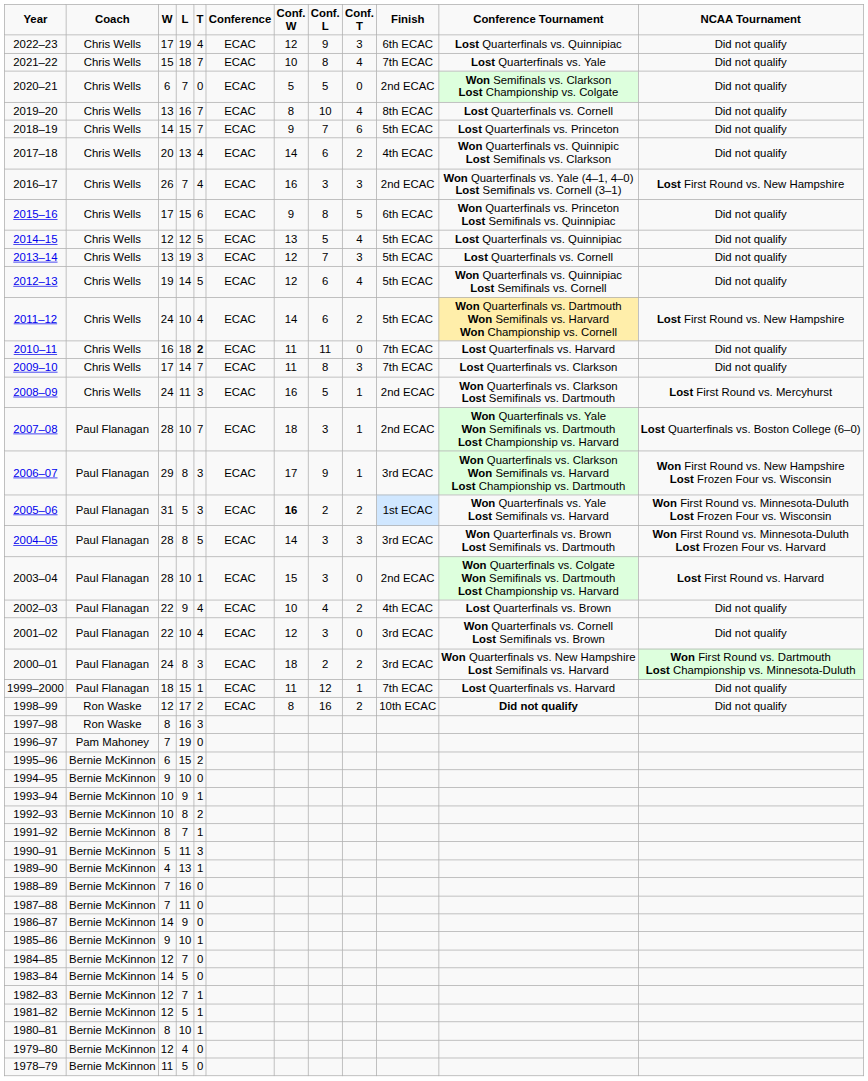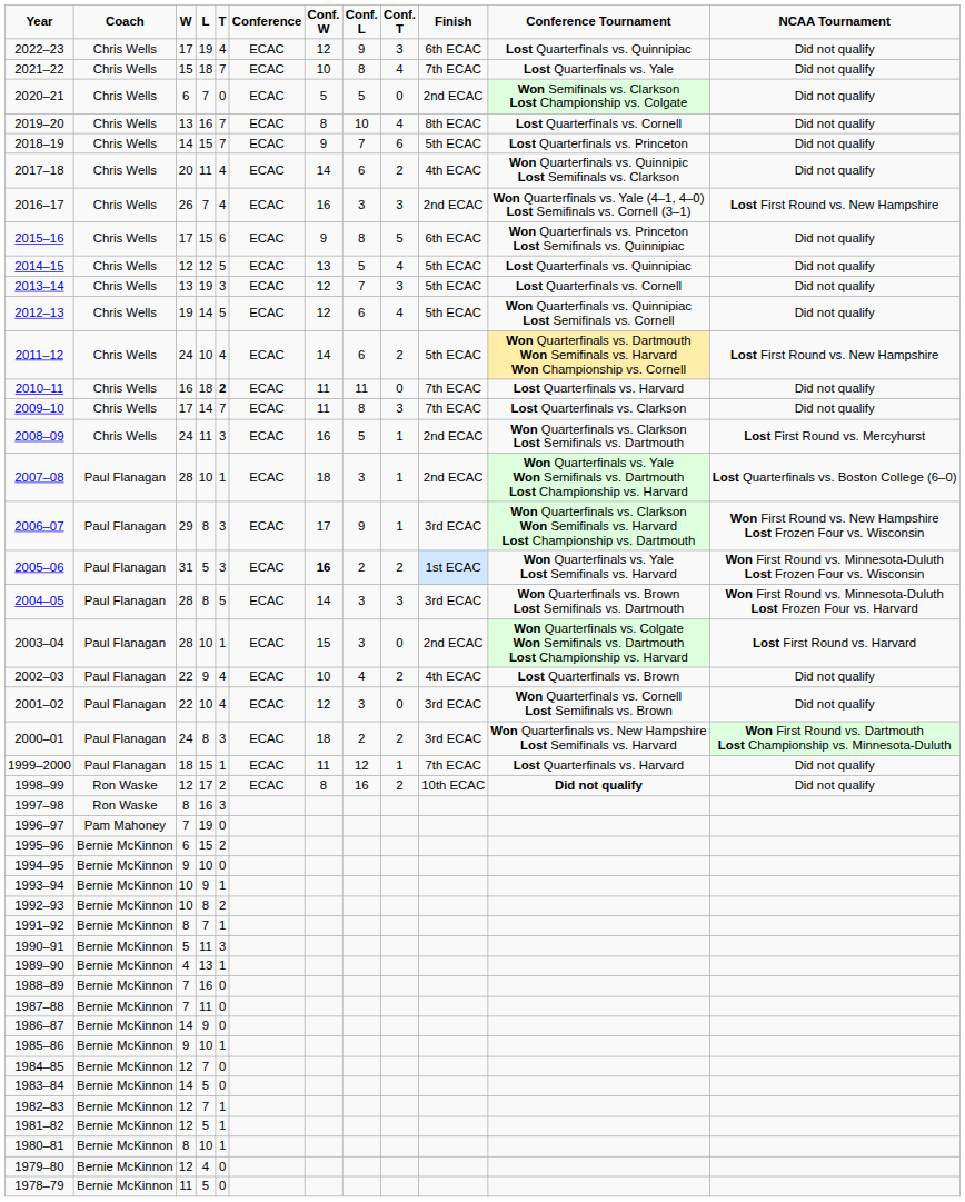 <table class="wikitable">
 <tr align="center">
 <td><strong>Year</strong></td>
 <td><strong>Coach</strong></td>
 <td><strong>W</strong></td>
 <td><strong>L</strong></td>
 <td><strong>T</strong></td>
 <td><strong>Conference</strong></td>
 <td><strong>Conf. <br> W </strong></td>
 <td><strong>Conf. <br> L</strong></td>
 <td><strong>Conf. <br> T</strong></td>
 <td><strong>Finish</strong></td>
 <td><strong>Conference Tournament</strong></td>
 <td><strong>NCAA Tournament</strong></td>
 </tr>
 <tr style="text-align:center;" bgcolor="">
 <td>2022–23</td>
 <td>Chris Wells</td>
 <td>17</td>
 <td>19</td>
 <td>4</td>
 <td>ECAC</td>
 <td>12</td>
 <td>9</td>
 <td>3</td>
 <td>6th ECAC</td>
 <td><strong>Lost</strong> Quarterfinals vs. Quinnipiac </td>
 <td>Did not qualify</td>
 </tr>
 <tr style="text-align:center;" bgcolor="">
 <td>2021–22</td>
 <td>Chris Wells</td>
 <td>15</td>
 <td>18</td>
 <td>7</td>
 <td>ECAC</td>
 <td>10</td>
 <td>8</td>
 <td>4</td>
 <td>7th ECAC</td>
 <td><strong>Lost</strong> Quarterfinals vs. Yale </td>
 <td>Did not qualify</td>
 </tr>
 <tr style="text-align:center;" bgcolor="">
 <td>2020–21</td>
 <td>Chris Wells</td>
 <td>6</td>
 <td>7</td>
 <td>0</td>
 <td>ECAC</td>
 <td>5</td>
 <td>5</td>
 <td>0</td>
 <td>2nd ECAC</td>
 <td style="background:#dfd;"><strong>Won</strong> Semifinals vs. Clarkson <br><strong>Lost</strong> Championship vs. Colgate </td>
 <td>Did not qualify</td>
 </tr>
 <tr style="text-align:center;" bgcolor="">
 <td>2019–20</td>
 <td>Chris Wells</td>
 <td>13</td>
 <td>16</td>
 <td>7</td>
 <td>ECAC</td>
 <td>8</td>
 <td>10</td>
 <td>4</td>
 <td>8th ECAC</td>
 <td><strong>Lost</strong> Quarterfinals vs. Cornell </td>
 <td>Did not qualify</td>
 </tr>
 <tr style="text-align:center;" bgcolor="">
 <td>2018–19</td>
 <td>Chris Wells</td>
 <td>14</td>
 <td>15</td>
 <td>7</td>
 <td>ECAC</td>
 <td>9</td>
 <td>7</td>
 <td>6</td>
 <td>5th ECAC</td>
 <td><strong>Lost</strong> Quarterfinals vs. Princeton </td>
 <td>Did not qualify</td>
 </tr>
 <tr style="text-align:center;" bgcolor="">
 <td>2017–18</td>
 <td>Chris Wells</td>
 <td>20</td>
-<td>13</td>
+<td>11</td>
 <td>4</td>
 <td>ECAC</td>
 <td>14</td>
 <td>6</td>
 <td>2</td>
 <td>4th ECAC</td>
 <td><strong>Won</strong> Quarterfinals vs. Quinnipic  <br> <strong>Lost</strong> Semifinals vs. Clarkson </td>
 <td>Did not qualify</td>
 </tr>
 <tr style="text-align:center;" bgcolor="">
 <td>2016–17</td>
 <td>Chris Wells</td>
 <td>26</td>
 <td>7</td>
 <td>4</td>
 <td>ECAC</td>
 <td>16</td>
 <td>3</td>
 <td>3</td>
 <td>2nd ECAC</td>
 <td><strong>Won</strong> Quarterfinals vs. Yale (4–1, 4–0) <br> <strong>Lost</strong> Semifinals vs. Cornell (3–1)</td>
 <td><strong>Lost</strong> First Round vs. New Hampshire </td>
 </tr>
 <tr style="text-align:center;" bgcolor="">
 <td><a href='#'>2015–16</a></td>
 <td>Chris Wells</td>
 <td>17</td>
 <td>15</td>
 <td>6</td>
 <td>ECAC</td>
 <td>9</td>
 <td>8</td>
 <td>5</td>
 <td>6th ECAC</td>
 <td><strong>Won</strong> Quarterfinals vs. Princeton  <br> <strong>Lost</strong> Semifinals vs. Quinnipiac </td>
 <td>Did not qualify</td>
 </tr>
 <tr style="text-align:center;" bgcolor="">
 <td><a href='#'>2014–15</a></td>
 <td>Chris Wells</td>
 <td>12</td>
 <td>12</td>
 <td>5</td>
 <td>ECAC</td>
 <td>13</td>
 <td>5</td>
 <td>4</td>
 <td>5th ECAC</td>
 <td><strong>Lost</strong> Quarterfinals vs. Quinnipiac </td>
 <td>Did not qualify</td>
 </tr>
 <tr style="text-align:center;" bgcolor="">
 <td><a href='#'>2013–14</a></td>
 <td>Chris Wells</td>
 <td>13</td>
 <td>19</td>
 <td>3</td>
 <td>ECAC</td>
 <td>12</td>
 <td>7</td>
 <td>3</td>
 <td>5th ECAC</td>
 <td><strong>Lost</strong> Quarterfinals vs. Cornell </td>
 <td>Did not qualify</td>
 </tr>
 <tr style="text-align:center;" bgcolor="">
 <td><a href='#'>2012–13</a></td>
 <td>Chris Wells</td>
 <td>19</td>
 <td>14</td>
 <td>5</td>
 <td>ECAC</td>
 <td>12</td>
 <td>6</td>
 <td>4</td>
 <td>5th ECAC</td>
 <td><strong>Won</strong> Quarterfinals vs. Quinnipiac  <br> <strong>Lost</strong> Semifinals vs. Cornell </td>
 <td>Did not qualify</td>
 </tr>
 <tr style="text-align:center;" bgcolor="">
 <td><a href='#'>2011–12</a></td>
 <td>Chris Wells</td>
 <td>24</td>
 <td>10</td>
 <td>4</td>
 <td>ECAC</td>
 <td>14</td>
 <td>6</td>
 <td>2</td>
 <td>5th ECAC</td>
 <td style="background:#fea;"><strong>Won</strong> Quarterfinals vs. Dartmouth  <br> <strong>Won</strong> Semifinals vs. Harvard  <br> <strong>Won</strong> Championship vs. Cornell </td>
 <td><strong>Lost</strong> First Round vs. New Hampshire </td>
 </tr>
 <tr style="text-align:center;" bgcolor="">
 <td><a href='#'>2010–11</a></td>
 <td>Chris Wells</td>
 <td>16</td>
 <td>18</td>
 <td><strong>2</strong></td>
 <td>ECAC</td>
 <td>11</td>
 <td>11</td>
 <td>0</td>
 <td>7th ECAC</td>
 <td><strong>Lost</strong> Quarterfinals vs. Harvard </td>
 <td>Did not qualify</td>
 </tr>
 <tr style="text-align:center;" bgcolor="">
 <td><a href='#'>2009–10</a></td>
 <td>Chris Wells</td>
 <td>17</td>
 <td>14</td>
 <td>7</td>
 <td>ECAC</td>
 <td>11</td>
 <td>8</td>
 <td>3</td>
 <td>7th ECAC</td>
 <td><strong>Lost</strong> Quarterfinals vs. Clarkson </td>
 <td>Did not qualify</td>
 </tr>
 <tr style="text-align:center;" bgcolor="">
 <td><a href='#'>2008–09</a></td>
 <td>Chris Wells</td>
 <td>24</td>
 <td>11</td>
 <td>3</td>
 <td>ECAC</td>
 <td>16</td>
 <td>5</td>
 <td>1</td>
 <td>2nd ECAC</td>
 <td><strong>Won</strong> Quarterfinals vs. Clarkson  <br> <strong>Lost</strong> Semifinals vs. Dartmouth </td>
 <td><strong>Lost</strong> First Round vs. Mercyhurst </td>
 </tr>
 <tr style="text-align:center;" bgcolor="">
 <td><a href='#'>2007–08</a></td>
 <td>Paul Flanagan</td>
 <td>28</td>
 <td>10</td>
-<td>7</td>
+<td>1</td>
 <td>ECAC</td>
 <td>18</td>
 <td>3</td>
 <td>1</td>
 <td>2nd ECAC</td>
 <td style="background:#dfd;"><strong>Won</strong> Quarterfinals vs. Yale  <br> <strong>Won</strong> Semifinals vs. Dartmouth  <br> <strong>Lost</strong> Championship vs. Harvard </td>
 <td><strong>Lost</strong> Quarterfinals vs. Boston College (6–0)</td>
 </tr>
 <tr style="text-align:center;" bgcolor="">
 <td><a href='#'>2006–07</a></td>
 <td>Paul Flanagan</td>
 <td>29</td>
 <td>8</td>
 <td>3</td>
 <td>ECAC</td>
 <td>17</td>
 <td>9</td>
 <td>1</td>
 <td>3rd ECAC</td>
 <td style="background:#dfd;"><strong>Won</strong> Quarterfinals vs. Clarkson  <br> <strong>Won</strong> Semifinals vs. Harvard  <br> <strong>Lost</strong> Championship vs. Dartmouth </td>
 <td><strong>Won</strong> First Round vs. New Hampshire  <br> <strong>Lost</strong> Frozen Four vs. Wisconsin </td>
 </tr>
 <tr style="text-align:center;" bgcolor="">
 <td><a href='#'>2005–06</a></td>
 <td>Paul Flanagan</td>
 <td>31</td>
 <td>5</td>
 <td>3</td>
 <td>ECAC</td>
 <td><strong>16</strong></td>
 <td>2</td>
 <td>2</td>
 <td style="background: #d0e7ff;">1st ECAC</td>
 <td><strong>Won</strong> Quarterfinals vs. Yale  <br> <strong>Lost</strong> Semifinals vs. Harvard </td>
 <td><strong>Won</strong> First Round vs. Minnesota-Duluth  <br> <strong>Lost</strong> Frozen Four vs. Wisconsin </td>
 </tr>
 <tr style="text-align:center;" bgcolor="">
 <td><a href='#'>2004–05</a></td>
 <td>Paul Flanagan</td>
 <td>28</td>
 <td>8</td>
 <td>5</td>
 <td>ECAC</td>
 <td>14</td>
 <td>3</td>
 <td>3</td>
 <td>3rd ECAC</td>
 <td><strong>Won</strong> Quarterfinals vs. Brown  <br> <strong>Lost</strong> Semifinals vs. Dartmouth </td>
 <td><strong>Won</strong> First Round vs. Minnesota-Duluth  <br> <strong>Lost</strong> Frozen Four vs. Harvard </td>
 </tr>
 <tr style="text-align:center;" bgcolor="">
 <td>2003–04</td>
 <td>Paul Flanagan</td>
 <td>28</td>
 <td>10</td>
 <td>1</td>
 <td>ECAC</td>
 <td>15</td>
 <td>3</td>
 <td>0</td>
 <td>2nd ECAC</td>
 <td style="background:#dfd;"><strong>Won</strong> Quarterfinals vs. Colgate  <br> <strong>Won</strong> Semifinals vs. Dartmouth  <br> <strong>Lost</strong> Championship vs. Harvard </td>
 <td><strong>Lost</strong> First Round vs. Harvard </td>
 </tr>
 <tr style="text-align:center;" bgcolor="">
 <td>2002–03</td>
 <td>Paul Flanagan</td>
 <td>22</td>
 <td>9</td>
 <td>4</td>
 <td>ECAC</td>
 <td>10</td>
 <td>4</td>
 <td>2</td>
 <td>4th ECAC</td>
 <td><strong>Lost</strong> Quarterfinals vs. Brown </td>
 <td>Did not qualify</td>
 </tr>
 <tr style="text-align:center;" bgcolor="">
 <td>2001–02</td>
 <td>Paul Flanagan</td>
 <td>22</td>
 <td>10</td>
 <td>4</td>
 <td>ECAC</td>
 <td>12</td>
 <td>3</td>
 <td>0</td>
 <td>3rd ECAC</td>
 <td><strong>Won</strong> Quarterfinals vs. Cornell  <br> <strong>Lost</strong> Semifinals vs. Brown </td>
 <td>Did not qualify</td>
 </tr>
 <tr style="text-align:center;" bgcolor="">
 <td>2000–01</td>
 <td>Paul Flanagan</td>
 <td>24</td>
 <td>8</td>
 <td>3</td>
 <td>ECAC</td>
 <td>18</td>
 <td>2</td>
 <td>2</td>
 <td>3rd ECAC</td>
 <td><strong>Won</strong> Quarterfinals vs. New Hampshire  <br> <strong>Lost</strong> Semifinals vs. Harvard </td>
 <td style="background:#dfd;"><strong>Won</strong> First Round vs. Dartmouth  <br> <strong>Lost</strong> Championship vs. Minnesota-Duluth </td>
 </tr>
 <tr style="text-align:center;" bgcolor="">
 <td>1999–2000</td>
 <td>Paul Flanagan</td>
 <td>18</td>
 <td>15</td>
 <td>1</td>
 <td>ECAC</td>
 <td>11</td>
 <td>12</td>
 <td>1</td>
 <td>7th ECAC</td>
 <td><strong>Lost</strong> Quarterfinals vs. Harvard </td>
 <td>Did not qualify</td>
 </tr>
 <tr style="text-align:center;" bgcolor="">
 <td>1998–99</td>
 <td>Ron Waske</td>
 <td>12</td>
 <td>17</td>
 <td>2</td>
 <td>ECAC</td>
 <td>8</td>
 <td>16</td>
 <td>2</td>
 <td>10th ECAC</td>
 <td><strong>Did not qualify</strong></td>
 <td>Did not qualify</td>
 </tr>
 <tr style="text-align:center;" bgcolor="">
 <td>1997–98</td>
 <td>Ron Waske</td>
 <td>8</td>
 <td>16</td>
 <td>3</td>
 <td></td>
 <td></td>
 <td></td>
 <td></td>
 <td></td>
 <td></td>
 <td></td>
 </tr>
 <tr style="text-align:center;" bgcolor="">
 <td>1996–97</td>
 <td>Pam Mahoney</td>
 <td>7</td>
 <td>19</td>
 <td>0</td>
 <td></td>
 <td></td>
 <td></td>
 <td></td>
 <td></td>
 <td></td>
 <td></td>
 </tr>
 <tr style="text-align:center;" bgcolor="">
 <td>1995–96</td>
 <td>Bernie McKinnon</td>
 <td>6</td>
 <td>15</td>
 <td>2</td>
 <td></td>
 <td></td>
 <td></td>
 <td></td>
 <td></td>
 <td></td>
 <td></td>
 </tr>
 <tr style="text-align:center;" bgcolor="">
 <td>1994–95</td>
 <td>Bernie McKinnon</td>
 <td>9</td>
 <td>10</td>
 <td>0</td>
 <td></td>
 <td></td>
 <td></td>
 <td></td>
 <td></td>
 <td></td>
 <td></td>
 </tr>
 <tr style="text-align:center;" bgcolor="">
 <td>1993–94</td>
 <td>Bernie McKinnon</td>
 <td>10</td>
 <td>9</td>
 <td>1</td>
 <td></td>
 <td></td>
 <td></td>
 <td></td>
 <td></td>
 <td></td>
 <td></td>
 </tr>
 <tr style="text-align:center;" bgcolor="">
 <td>1992–93</td>
 <td>Bernie McKinnon</td>
 <td>10</td>
 <td>8</td>
 <td>2</td>
 <td></td>
 <td></td>
 <td></td>
 <td></td>
 <td></td>
 <td></td>
 <td></td>
 </tr>
 <tr style="text-align:center;" bgcolor="">
 <td>1991–92</td>
 <td>Bernie McKinnon</td>
 <td>8</td>
 <td>7</td>
 <td>1</td>
 <td></td>
 <td></td>
 <td></td>
 <td></td>
 <td></td>
 <td></td>
 <td></td>
 </tr>
 <tr style="text-align:center;" bgcolor="">
 <td>1990–91</td>
 <td>Bernie McKinnon</td>
 <td>5</td>
 <td>11</td>
 <td>3</td>
 <td></td>
 <td></td>
 <td></td>
 <td></td>
 <td></td>
 <td></td>
 <td></td>
 </tr>
 <tr style="text-align:center;" bgcolor="">
 <td>1989–90</td>
 <td>Bernie McKinnon</td>
 <td>4</td>
 <td>13</td>
 <td>1</td>
 <td></td>
 <td></td>
 <td></td>
 <td></td>
 <td></td>
 <td></td>
 <td></td>
 </tr>
 <tr style="text-align:center;" bgcolor="">
 <td>1988–89</td>
 <td>Bernie McKinnon</td>
 <td>7</td>
 <td>16</td>
 <td>0</td>
 <td></td>
 <td></td>
 <td></td>
 <td></td>
 <td></td>
 <td></td>
 <td></td>
 </tr>
 <tr style="text-align:center;" bgcolor="">
 <td>1987–88</td>
 <td>Bernie McKinnon</td>
 <td>7</td>
 <td>11</td>
 <td>0</td>
 <td></td>
 <td></td>
 <td></td>
 <td></td>
 <td></td>
 <td></td>
 <td></td>
 </tr>
 <tr style="text-align:center;" bgcolor="">
 <td>1986–87</td>
 <td>Bernie McKinnon</td>
 <td>14</td>
 <td>9</td>
 <td>0</td>
 <td></td>
 <td></td>
 <td></td>
 <td></td>
 <td></td>
 <td></td>
 <td></td>
 </tr>
 <tr style="text-align:center;" bgcolor="">
 <td>1985–86</td>
 <td>Bernie McKinnon</td>
 <td>9</td>
 <td>10</td>
 <td>1</td>
 <td></td>
 <td></td>
 <td></td>
 <td></td>
 <td></td>
 <td></td>
 <td></td>
 </tr>
 <tr style="text-align:center;" bgcolor="">
 <td>1984–85</td>
 <td>Bernie McKinnon</td>
 <td>12</td>
 <td>7</td>
 <td>0</td>
 <td></td>
 <td></td>
 <td></td>
 <td></td>
 <td></td>
 <td></td>
 <td></td>
 </tr>
 <tr style="text-align:center;" bgcolor="">
 <td>1983–84</td>
 <td>Bernie McKinnon</td>
 <td>14</td>
 <td>5</td>
 <td>0</td>
 <td></td>
 <td></td>
 <td></td>
 <td></td>
 <td></td>
 <td></td>
 <td></td>
 </tr>
 <tr style="text-align:center;" bgcolor="">
 <td>1982–83</td>
 <td>Bernie McKinnon</td>
 <td>12</td>
 <td>7</td>
 <td>1</td>
 <td></td>
 <td></td>
 <td></td>
 <td></td>
 <td></td>
 <td></td>
 <td></td>
 </tr>
 <tr style="text-align:center;" bgcolor="">
 <td>1981–82</td>
 <td>Bernie McKinnon</td>
 <td>12</td>
 <td>5</td>
 <td>1</td>
 <td></td>
 <td></td>
 <td></td>
 <td></td>
 <td></td>
 <td></td>
 <td></td>
 </tr>
 <tr style="text-align:center;" bgcolor="">
 <td>1980–81</td>
 <td>Bernie McKinnon</td>
 <td>8</td>
 <td>10</td>
 <td>1</td>
 <td></td>
 <td></td>
 <td></td>
 <td></td>
 <td></td>
 <td></td>
 <td></td>
 </tr>
 <tr style="text-align:center;" bgcolor="">
 <td>1979–80</td>
 <td>Bernie McKinnon</td>
 <td>12</td>
 <td>4</td>
 <td>0</td>
 <td></td>
 <td></td>
 <td></td>
 <td></td>
 <td></td>
 <td></td>
 <td></td>
 </tr>
 <tr style="text-align:center;" bgcolor="">
 <td>1978–79</td>
 <td>Bernie McKinnon</td>
 <td>11</td>
 <td>5</td>
 <td>0</td>
 <td></td>
 <td></td>
 <td></td>
 <td></td>
 <td></td>
 <td></td>
 <td></td>
 </tr>
 </table>
